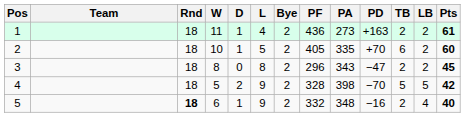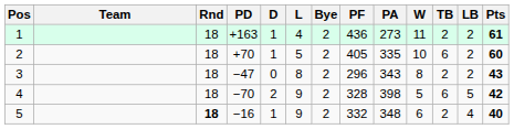 <table class="wikitable" style="text-align:center">
 <tr>
 <th style="width:25px">Pos</th>
 <th style="width:200px">Team</th>
 <th style="width:25px">Rnd</th>
-<th style="width:25px">W</th>
+<th style="width:35px">PD</th>
 <th style="width:25px">D</th>
 <th style="width:25px">L</th>
 <th style="width:25px">Bye</th>
 <th style="width:35px">PF</th>
 <th style="width:35px">PA</th>
-<th style="width:35px">PD</th>
+<th style="width:25px">W</th>
 <th style="width:25px">TB</th>
 <th style="width:25px">LB</th>
 <th style="width:25px">Pts</th>
 </tr>
 <tr style="background:#d8ffeb">
 <td>1</td>
 <td align=left></td>
 <td>18</td>
-<td>11</td>
+<td>+163</td>
 <td>1</td>
 <td>4</td>
 <td>2</td>
 <td>436</td>
 <td>273</td>
-<td>+163</td>
+<td>11</td>
 <td>2</td>
 <td>2</td>
 <td><strong>61</strong></td>
 </tr>
 <tr>
 <td>2</td>
 <td align=left></td>
 <td>18</td>
-<td>10</td>
+<td>+70</td>
 <td>1</td>
 <td>5</td>
 <td>2</td>
 <td>405</td>
 <td>335</td>
-<td>+70</td>
+<td>10</td>
 <td>6</td>
 <td>2</td>
 <td><strong>60</strong></td>
 </tr>
 <tr>
 <td>3</td>
 <td align=left></td>
 <td>18</td>
-<td>8</td>
+<td>−47</td>
 <td>0</td>
 <td>8</td>
 <td>2</td>
 <td>296</td>
 <td>343</td>
-<td>−47</td>
+<td>8</td>
 <td>2</td>
 <td>2</td>
-<td><strong>45</strong></td>
+<td><strong>43</strong></td>
 </tr>
 <tr>
 <td>4</td>
 <td align=left></td>
 <td>18</td>
-<td>5</td>
+<td>−70</td>
 <td>2</td>
 <td>9</td>
 <td>2</td>
 <td>328</td>
 <td>398</td>
-<td>−70</td>
 <td>5</td>
+<td>6</td>
 <td>5</td>
 <td><strong>42</strong></td>
 </tr>
 <tr>
 <td>5</td>
 <td align=left></td>
 <td><strong>18</strong></td>
-<td>6</td>
+<td>−16</td>
 <td>1</td>
 <td>9</td>
 <td>2</td>
 <td>332</td>
 <td>348</td>
-<td>−16</td>
+<td>6</td>
 <td>2</td>
 <td>4</td>
 <td><strong>40</strong></td>
 </tr>
 </table>
